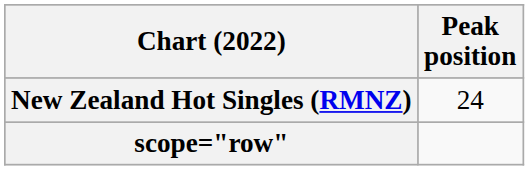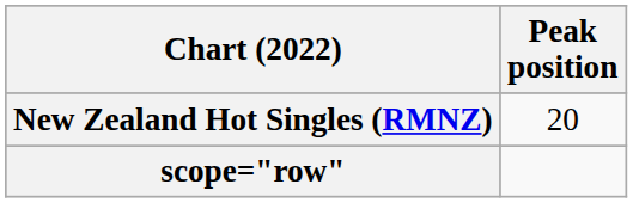 <table class="wikitable sortable plainrowheaders" style="text-align:center">
 <tr>
 <th scope="col">Chart (2022)</th>
 <th scope="col">Peak<br>position</th>
 </tr>
 <tr>
 <th scope="row">New Zealand Hot Singles (<a href='#'>RMNZ</a>)</th>
-<td>24</td>
+<td>20</td>
 </tr>
 <tr>
 <th>scope="row"</th>
 </tr>
 </table>
